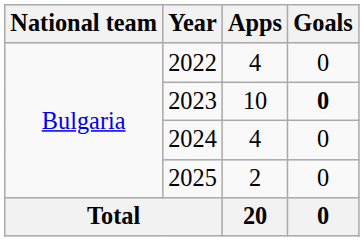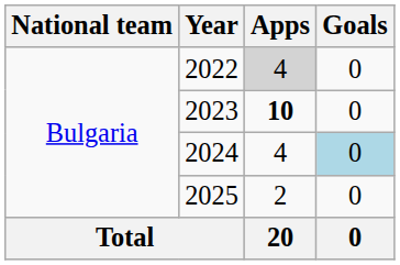 <table class="wikitable" style="text-align: center;">
 <tr>
 <th>National team</th>
 <th>Year</th>
 <th>Apps</th>
 <th>Goals</th>
 </tr>
 <tr>
 <td rowspan="4"><a href='#'>Bulgaria</a></td>
 <td>2022</td>
-<td>4</td>
+<td style="background: lightgrey;">4</td>
 <td>0</td>
 </tr>
 <tr>
 <td>2023</td>
-<td>10</td>
-<td><strong>0</strong></td>
+<td><strong>10</strong></td>
+<td>0</td>
 </tr>
 <tr>
 <td>2024</td>
 <td>4</td>
-<td>0</td>
+<td style="background: lightblue;">0</td>
 </tr>
 <tr>
 <td>2025</td>
 <td>2</td>
 <td>0</td>
 </tr>
 <tr>
 <th colspan="2">Total</th>
 <th>20</th>
 <th>0</th>
 </tr>
 </table>
